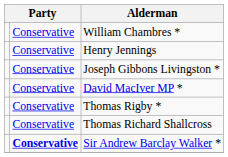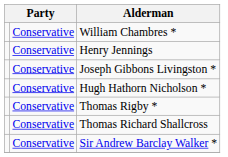 <table class="wikitable">
 <tr>
 <th colspan="2">Party</th>
 <th>Alderman</th>
 </tr>
 <tr>
 <td style="background-color:"></td>
 <td><a href='#'>Conservative</a></td>
 <td>William Chambres *</td>
 </tr>
 <tr>
 <td style="background-color:"></td>
 <td><a href='#'>Conservative</a></td>
 <td>Henry Jennings</td>
 </tr>
 <tr>
 <td style="background-color:"></td>
 <td><a href='#'>Conservative</a></td>
 <td>Joseph Gibbons Livingston *</td>
 </tr>
 <tr>
 <td style="background-color:"></td>
 <td><a href='#'>Conservative</a></td>
-<td><a href='#'>David MacIver MP</a> *</td>
+<td>Hugh Hathorn Nicholson *</td>
 </tr>
 <tr>
 <td style="background-color:"></td>
 <td><a href='#'>Conservative</a></td>
 <td>Thomas Rigby *</td>
 </tr>
 <tr>
 <td style="background-color:"></td>
 <td><a href='#'>Conservative</a></td>
 <td>Thomas Richard Shallcross</td>
 </tr>
 <tr>
 <td style="background-color:"></td>
-<td><strong><a href='#'>Conservative</a></strong></td>
+<td><a href='#'>Conservative</a></td>
 <td><a href='#'>Sir Andrew Barclay Walker</a> *</td>
 </tr>
 <tr>
 </tr>
 </table>
